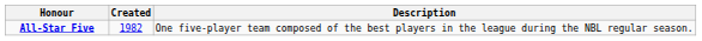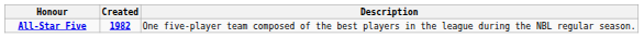 <table class="wikitable plainrowheaders sortable" summary="Honour (sortable), Created (sortable), Description">
 <tr>
 <th scope="col" width=15% class="unsortable">Honour</th>
 <th scope="col">Created</th>
 <th scope="col" class="unsortable">Description</th>
 </tr>
 <tr>
 <th scope="row" style="background-color:transparent;"><a href='#'>All-Star Five</a></th>
-<td align=center><a href='#'>1982</a></td>
+<td align=center><strong><a href='#'>1982</a></strong></td>
 <td>One five-player team composed of the best players in the league during the NBL regular season.</td>
 </tr>
 </table>
